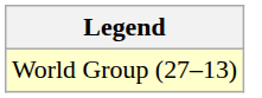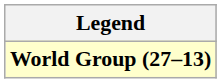 <table class=wikitable style="font-size:90%">
 <tr>
 <th>Legend</th>
 </tr>
 <tr>
-<td bgcolor=ffffcc>World Group (27–13)</td>
+<td bgcolor=ffffcc><strong>World Group (27–13)</strong></td>
 </tr>
 </table>
